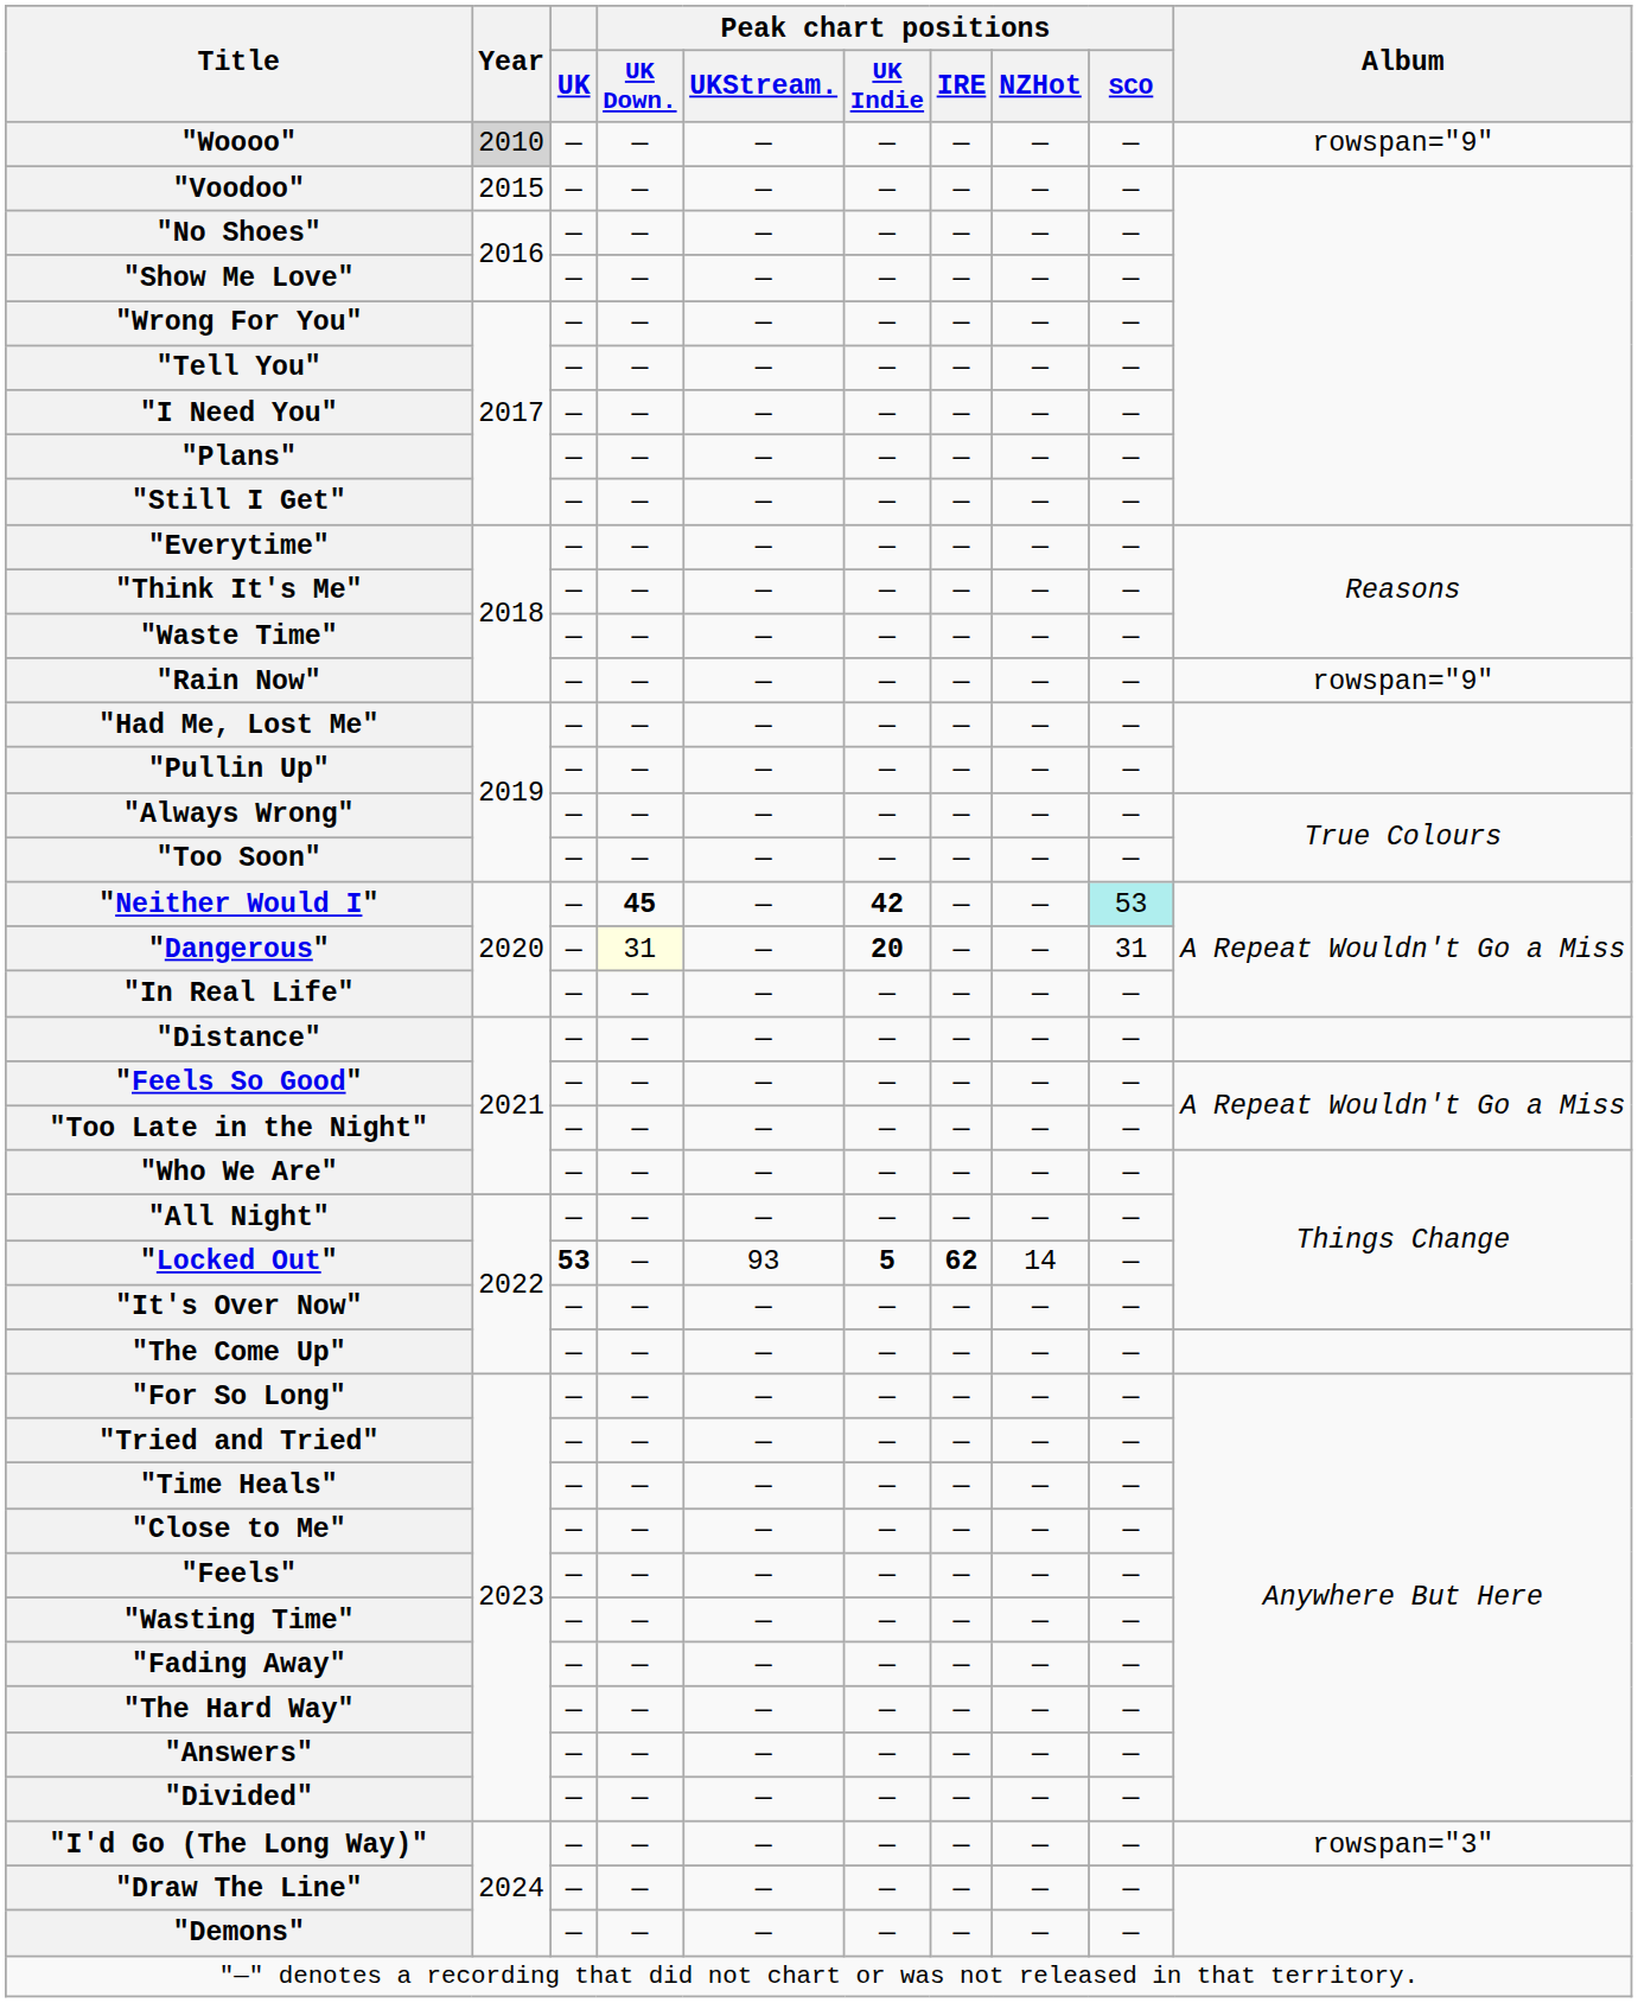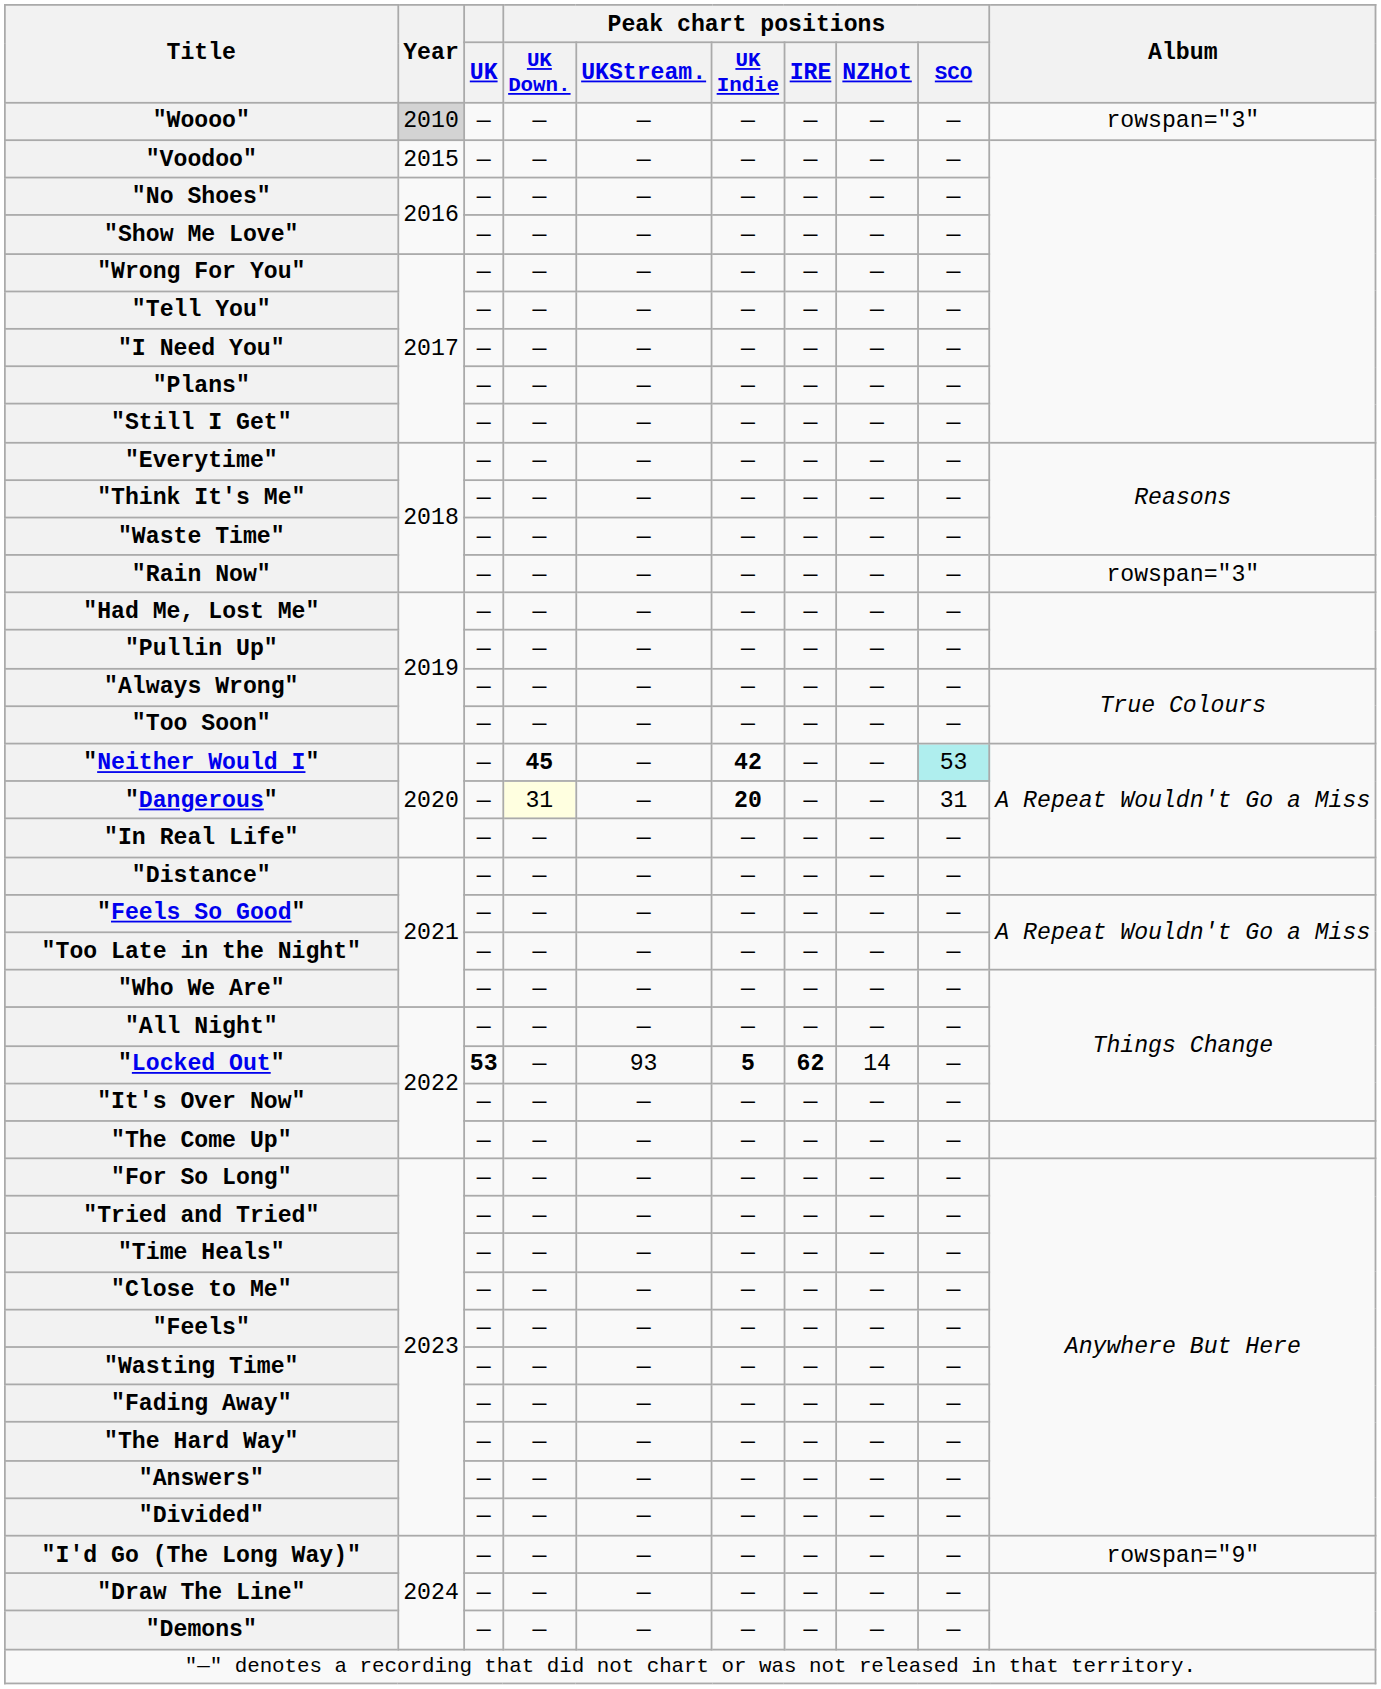 <table class="wikitable plainrowheaders" style="text-align:center;">
 <tr>
 <th scope="col" rowspan="2" style="width:16.5em;">Title</th>
 <th scope="col" rowspan="2">Year</th>
 <th></th>
 <th colspan="6" scope="col">Peak chart positions</th>
 <th scope="col" rowspan="2">Album</th>
 </tr>
 <tr>
 <th><a href='#'>UK</a></th>
 <th scope="col" style="width:3em;font-size:90%;"><a href='#'>UK Down.</a><br></th>
 <th><a href='#'>UKStream.</a></th>
 <th scope="col" style="width:3em;font-size:90%;"><a href='#'>UK Indie</a><br></th>
 <th><a href='#'>IRE</a></th>
 <th><a href='#'>NZHot</a></th>
 <th scope="col" style="width:3em;font-size:90%;"><a href='#'>SCO</a><br></th>
 </tr>
 <tr>
 <th scope="row">"Woooo"</th>
 <td style="background: lightgrey;">2010</td>
 <td>—</td>
 <td>—</td>
 <td>—</td>
 <td>—</td>
 <td>—</td>
 <td>—</td>
 <td>—</td>
-<td>rowspan="9" </td>
+<td>rowspan="3" </td>
 </tr>
 <tr>
 <th scope="row">"Voodoo"<br></th>
 <td>2015</td>
 <td>—</td>
 <td>—</td>
 <td>—</td>
 <td>—</td>
 <td>—</td>
 <td>—</td>
 <td>—</td>
 </tr>
 <tr>
 <th scope="row">"No Shoes"</th>
 <td rowspan="2">2016</td>
 <td>—</td>
 <td>—</td>
 <td>—</td>
 <td>—</td>
 <td>—</td>
 <td>—</td>
 <td>—</td>
 </tr>
 <tr>
 <th scope="row">"Show Me Love"</th>
 <td>—</td>
 <td>—</td>
 <td>—</td>
 <td>—</td>
 <td>—</td>
 <td>—</td>
 <td>—</td>
 </tr>
 <tr>
 <th scope="row">"Wrong For You"</th>
 <td rowspan="5">2017</td>
 <td>—</td>
 <td>—</td>
 <td>—</td>
 <td>—</td>
 <td>—</td>
 <td>—</td>
 <td>—</td>
 </tr>
 <tr>
 <th scope="row">"Tell You"</th>
 <td>—</td>
 <td>—</td>
 <td>—</td>
 <td>—</td>
 <td>—</td>
 <td>—</td>
 <td>—</td>
 </tr>
 <tr>
 <th scope="row">"I Need You"</th>
 <td>—</td>
 <td>—</td>
 <td>—</td>
 <td>—</td>
 <td>—</td>
 <td>—</td>
 <td>—</td>
 </tr>
 <tr>
 <th scope="row">"Plans"</th>
 <td>—</td>
 <td>—</td>
 <td>—</td>
 <td>—</td>
 <td>—</td>
 <td>—</td>
 <td>—</td>
 </tr>
 <tr>
 <th scope="row">"Still I Get"</th>
 <td>—</td>
 <td>—</td>
 <td>—</td>
 <td>—</td>
 <td>—</td>
 <td>—</td>
 <td>—</td>
 </tr>
 <tr>
 <th scope="row">"Everytime"</th>
 <td rowspan="4">2018</td>
 <td>—</td>
 <td>—</td>
 <td>—</td>
 <td>—</td>
 <td>—</td>
 <td>—</td>
 <td>—</td>
 <td rowspan="3"><em>Reasons</em></td>
 </tr>
 <tr>
 <th scope="row">"Think It's Me"</th>
 <td>—</td>
 <td>—</td>
 <td>—</td>
 <td>—</td>
 <td>—</td>
 <td>—</td>
 <td>—</td>
 </tr>
 <tr>
 <th scope="row">"Waste Time"</th>
 <td>—</td>
 <td>—</td>
 <td>—</td>
 <td>—</td>
 <td>—</td>
 <td>—</td>
 <td>—</td>
 </tr>
 <tr>
 <th scope="row">"Rain Now"</th>
 <td>—</td>
 <td>—</td>
 <td>—</td>
 <td>—</td>
 <td>—</td>
 <td>—</td>
 <td>—</td>
-<td>rowspan="9" </td>
+<td>rowspan="3" </td>
 </tr>
 <tr>
 <th scope="row">"Had Me, Lost Me"</th>
 <td rowspan="4">2019</td>
 <td>—</td>
 <td>—</td>
 <td>—</td>
 <td>—</td>
 <td>—</td>
 <td>—</td>
 <td>—</td>
 </tr>
 <tr>
 <th scope="row">"Pullin Up"</th>
 <td>—</td>
 <td>—</td>
 <td>—</td>
 <td>—</td>
 <td>—</td>
 <td>—</td>
 <td>—</td>
 </tr>
 <tr>
 <th scope="row">"Always Wrong"</th>
 <td>—</td>
 <td>—</td>
 <td>—</td>
 <td>—</td>
 <td>—</td>
 <td>—</td>
 <td>—</td>
 <td rowspan="2"><em>True Colours</em></td>
 </tr>
 <tr>
 <th scope="row">"Too Soon"</th>
 <td>—</td>
 <td>—</td>
 <td>—</td>
 <td>—</td>
 <td>—</td>
 <td>—</td>
 <td>—</td>
 </tr>
 <tr>
 <th scope="row">"<a href='#'>Neither Would I</a>"</th>
 <td rowspan="3">2020</td>
 <td>—</td>
 <td><strong>45</strong></td>
 <td>—</td>
 <td><strong>42</strong></td>
 <td>—</td>
 <td>—</td>
 <td style="background: paleturquoise;">53</td>
 <td rowspan="3"><em>A Repeat Wouldn't Go a Miss</em></td>
 </tr>
 <tr>
 <th scope="row">"<a href='#'>Dangerous</a>"</th>
 <td>—</td>
 <td style="background: lightyellow;">31</td>
 <td>—</td>
 <td><strong>20</strong></td>
 <td>—</td>
 <td>—</td>
 <td>31</td>
 </tr>
 <tr>
 <th scope="row">"In Real Life"</th>
 <td>—</td>
 <td>—</td>
 <td>—</td>
 <td>—</td>
 <td>—</td>
 <td>—</td>
 <td>—</td>
 </tr>
 <tr>
 <th scope="row">"Distance"<br></th>
 <td rowspan="4">2021</td>
 <td>—</td>
 <td>—</td>
 <td>—</td>
 <td>—</td>
 <td>—</td>
 <td>—</td>
 <td>—</td>
 <td></td>
 </tr>
 <tr>
 <th scope="row">"<a href='#'>Feels So Good</a>"</th>
 <td>—</td>
 <td>—</td>
 <td>—</td>
 <td>—</td>
 <td>—</td>
 <td>—</td>
 <td>—</td>
 <td rowspan="2"><em>A Repeat Wouldn't Go a Miss</em></td>
 </tr>
 <tr>
 <th scope="row">"Too Late in the Night"</th>
 <td>—</td>
 <td>—</td>
 <td>—</td>
 <td>—</td>
 <td>—</td>
 <td>—</td>
 <td>—</td>
 </tr>
 <tr>
 <th scope="row">"Who We Are"</th>
 <td>—</td>
 <td>—</td>
 <td>—</td>
 <td>—</td>
 <td>—</td>
 <td>—</td>
 <td>—</td>
 <td rowspan="4"><em>Things Change</em></td>
 </tr>
 <tr>
 <th scope="row">"All Night"<br></th>
 <td rowspan="4">2022</td>
 <td>—</td>
 <td>—</td>
 <td>—</td>
 <td>—</td>
 <td>—</td>
 <td>—</td>
 <td>—</td>
 </tr>
 <tr>
 <th scope="row">"<a href='#'>Locked Out</a>"<br></th>
 <td><strong>53</strong></td>
 <td>—</td>
 <td>93</td>
 <td><strong>5</strong></td>
 <td><strong>62</strong></td>
 <td>14</td>
 <td>—</td>
 </tr>
 <tr>
 <th scope="row">"It's Over Now"</th>
 <td>—</td>
 <td>—</td>
 <td>—</td>
 <td>—</td>
 <td>—</td>
 <td>—</td>
 <td>—</td>
 </tr>
 <tr>
 <th scope="row">"The Come Up"<br></th>
 <td>—</td>
 <td>—</td>
 <td>—</td>
 <td>—</td>
 <td>—</td>
 <td>—</td>
 <td>—</td>
 <td></td>
 </tr>
 <tr>
 <th scope="row">"For So Long"</th>
 <td rowspan="10">2023</td>
 <td —>—</td>
 <td>—</td>
 <td>—</td>
 <td>—</td>
 <td>—</td>
 <td>—</td>
 <td>—</td>
 <td rowspan="10"><em>Anywhere But Here</em></td>
 </tr>
 <tr>
 <th scope="row">"Tried and Tried"</th>
 <td —>—</td>
 <td>—</td>
 <td>—</td>
 <td>—</td>
 <td>—</td>
 <td>—</td>
 <td>—</td>
 </tr>
 <tr>
 <th scope="row">"Time Heals"</th>
 <td —>—</td>
 <td>—</td>
 <td>—</td>
 <td>—</td>
 <td>—</td>
 <td>—</td>
 <td>—</td>
 </tr>
 <tr>
 <th scope="row">"Close to Me"</th>
 <td —>—</td>
 <td>—</td>
 <td>—</td>
 <td>—</td>
 <td>—</td>
 <td>—</td>
 <td>—</td>
 </tr>
 <tr>
 <th scope="row">"Feels"</th>
 <td —>—</td>
 <td>—</td>
 <td>—</td>
 <td>—</td>
 <td>—</td>
 <td>—</td>
 <td>—</td>
 </tr>
 <tr>
 <th scope="row">"Wasting Time"</th>
 <td —>—</td>
 <td>—</td>
 <td>—</td>
 <td>—</td>
 <td>—</td>
 <td>—</td>
 <td>—</td>
 </tr>
 <tr>
 <th scope="row">"Fading Away"</th>
 <td —>—</td>
 <td>—</td>
 <td>—</td>
 <td>—</td>
 <td>—</td>
 <td>—</td>
 <td>—</td>
 </tr>
 <tr>
 <th scope="row">"The Hard Way"</th>
 <td —>—</td>
 <td>—</td>
 <td>—</td>
 <td>—</td>
 <td>—</td>
 <td>—</td>
 <td>—</td>
 </tr>
 <tr>
 <th scope="row">"Answers"<br></th>
 <td —>—</td>
 <td>—</td>
 <td>—</td>
 <td>—</td>
 <td>—</td>
 <td>—</td>
 <td>—</td>
 </tr>
 <tr>
 <th scope="row">"Divided"<br></th>
 <td —>—</td>
 <td>—</td>
 <td>—</td>
 <td>—</td>
 <td>—</td>
 <td>—</td>
 <td>—</td>
 </tr>
 <tr>
 <th scope="row">"I'd Go (The Long Way)"</th>
 <td rowspan="3">2024</td>
 <td —>—</td>
 <td>—</td>
 <td>—</td>
 <td>—</td>
 <td>—</td>
 <td>—</td>
 <td>—</td>
-<td>rowspan="3" </td>
+<td>rowspan="9" </td>
 </tr>
 <tr>
 <th scope="row">"Draw The Line"</th>
 <td —>—</td>
 <td>—</td>
 <td>—</td>
 <td>—</td>
 <td>—</td>
 <td>—</td>
 <td>—</td>
 </tr>
 <tr>
 <th scope="row">"Demons"</th>
 <td —>—</td>
 <td>—</td>
 <td>—</td>
 <td>—</td>
 <td>—</td>
 <td>—</td>
 <td>—</td>
 </tr>
 <tr>
 <td colspan="10" style="font-size:90%">"—" denotes a recording that did not chart or was not released in that territory.</td>
 </tr>
 </table>
